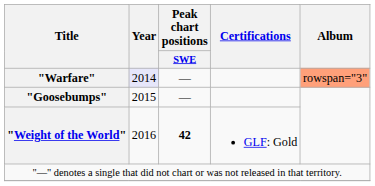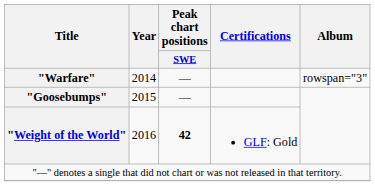 <table class="wikitable plainrowheaders" style="text-align:center;">
 <tr>
 <th scope="col" rowspan="2">Title</th>
 <th scope="col" rowspan="2">Year</th>
 <th scope="col" colspan="1">Peak chart positions</th>
 <th scope="col" rowspan="2"><a href='#'>Certifications</a></th>
 <th scope="col" rowspan="2">Album</th>
 </tr>
 <tr>
 <th scope="col" style="width:3em;font-size:85%;"><a href='#'>SWE</a><br></th>
 </tr>
 <tr>
 <th scope="row">"Warfare"</th>
-<td style="background: lavender;">2014</td>
+<td>2014</td>
 <td>—</td>
 <td></td>
-<td style="background: lightsalmon;">rowspan="3" </td>
+<td>rowspan="3" </td>
 </tr>
 <tr>
 <th scope="row">"Goosebumps"</th>
 <td>2015</td>
 <td>—</td>
 <td></td>
 </tr>
 <tr>
 <th scope="row">"<a href='#'>Weight of the World</a>"</th>
 <td>2016</td>
 <td><strong>42</strong></td>
 <td><br><ul><li><a href='#'>GLF</a>: Gold</li></ul></td>
 </tr>
 <tr>
 <td colspan="20" style="font-size:85%">"—" denotes a single that did not chart or was not released in that territory.</td>
 </tr>
 <tr>
 </tr>
 </table>
